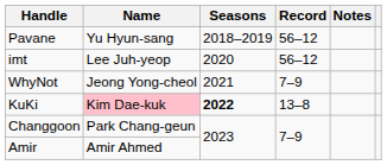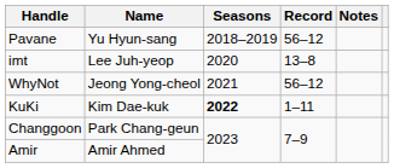 <table class="wikitable">
 <tr>
 <th style="background:#">Handle</th>
 <th style="background:#">Name</th>
 <th style="background:#">Seasons</th>
 <th style="background:#">Record</th>
 <th style="background:#">Notes</th>
 <th style="background:#"></th>
 </tr>
 <tr>
 <td>Pavane</td>
 <td>Yu Hyun-sang</td>
 <td>2018–2019</td>
 <td>56–12 </td>
 <td></td>
 <td></td>
 </tr>
 <tr>
 <td>imt</td>
 <td>Lee Juh-yeop</td>
 <td>2020</td>
-<td>56–12 </td>
+<td>13–8 </td>
 <td></td>
 <td></td>
 </tr>
 <tr>
 <td>WhyNot</td>
 <td>Jeong Yong-cheol</td>
 <td>2021</td>
-<td>7–9 </td>
+<td>56–12 </td>
 <td></td>
 <td></td>
 </tr>
 <tr>
 <td>KuKi</td>
-<td style="background: pink;">Kim Dae-kuk</td>
+<td>Kim Dae-kuk</td>
 <td><strong>2022</strong></td>
-<td>13–8 </td>
+<td>1–11 </td>
 <td></td>
 <td></td>
 </tr>
 <tr>
 <td>Changgoon</td>
 <td>Park Chang-geun</td>
 <td rowspan=2>2023</td>
 <td rowspan=2>7–9 </td>
 <td rowspan=2></td>
 <td rowspan=2></td>
 </tr>
 <tr>
 <td>Amir</td>
 <td>Amir Ahmed</td>
 </tr>
 </table>
